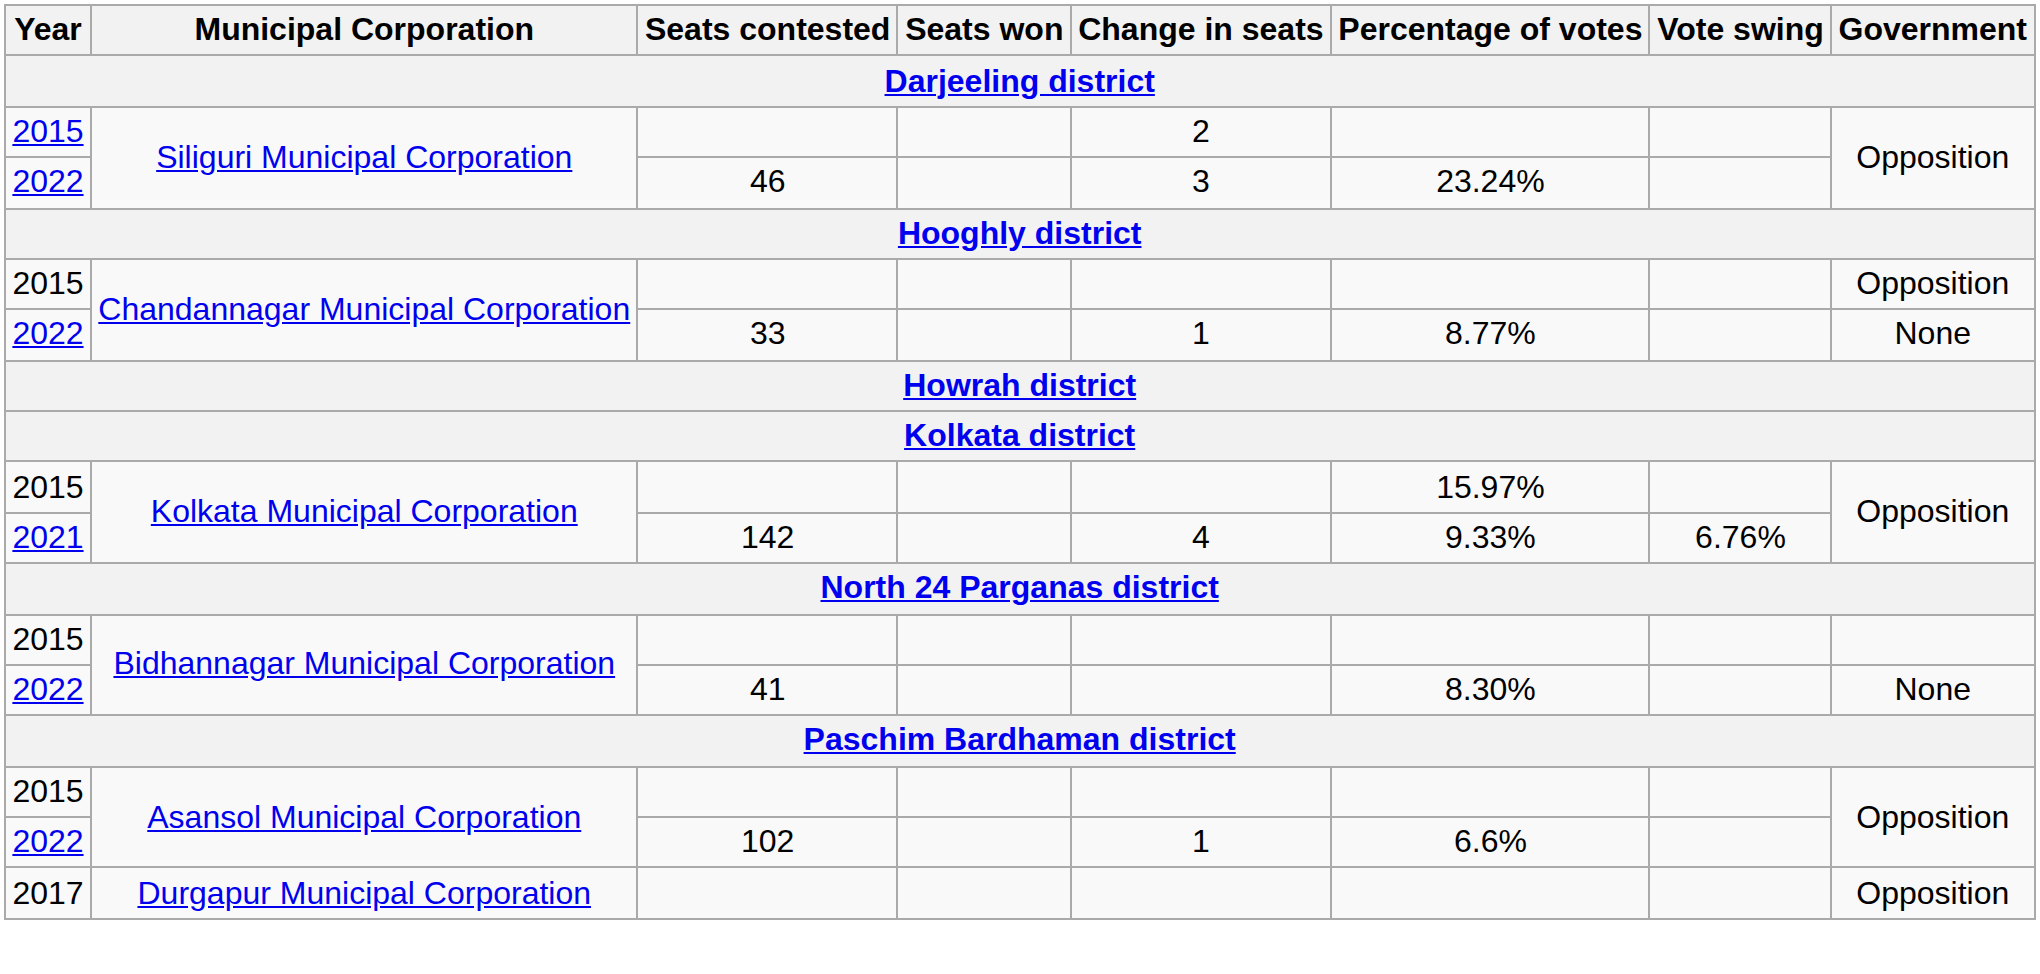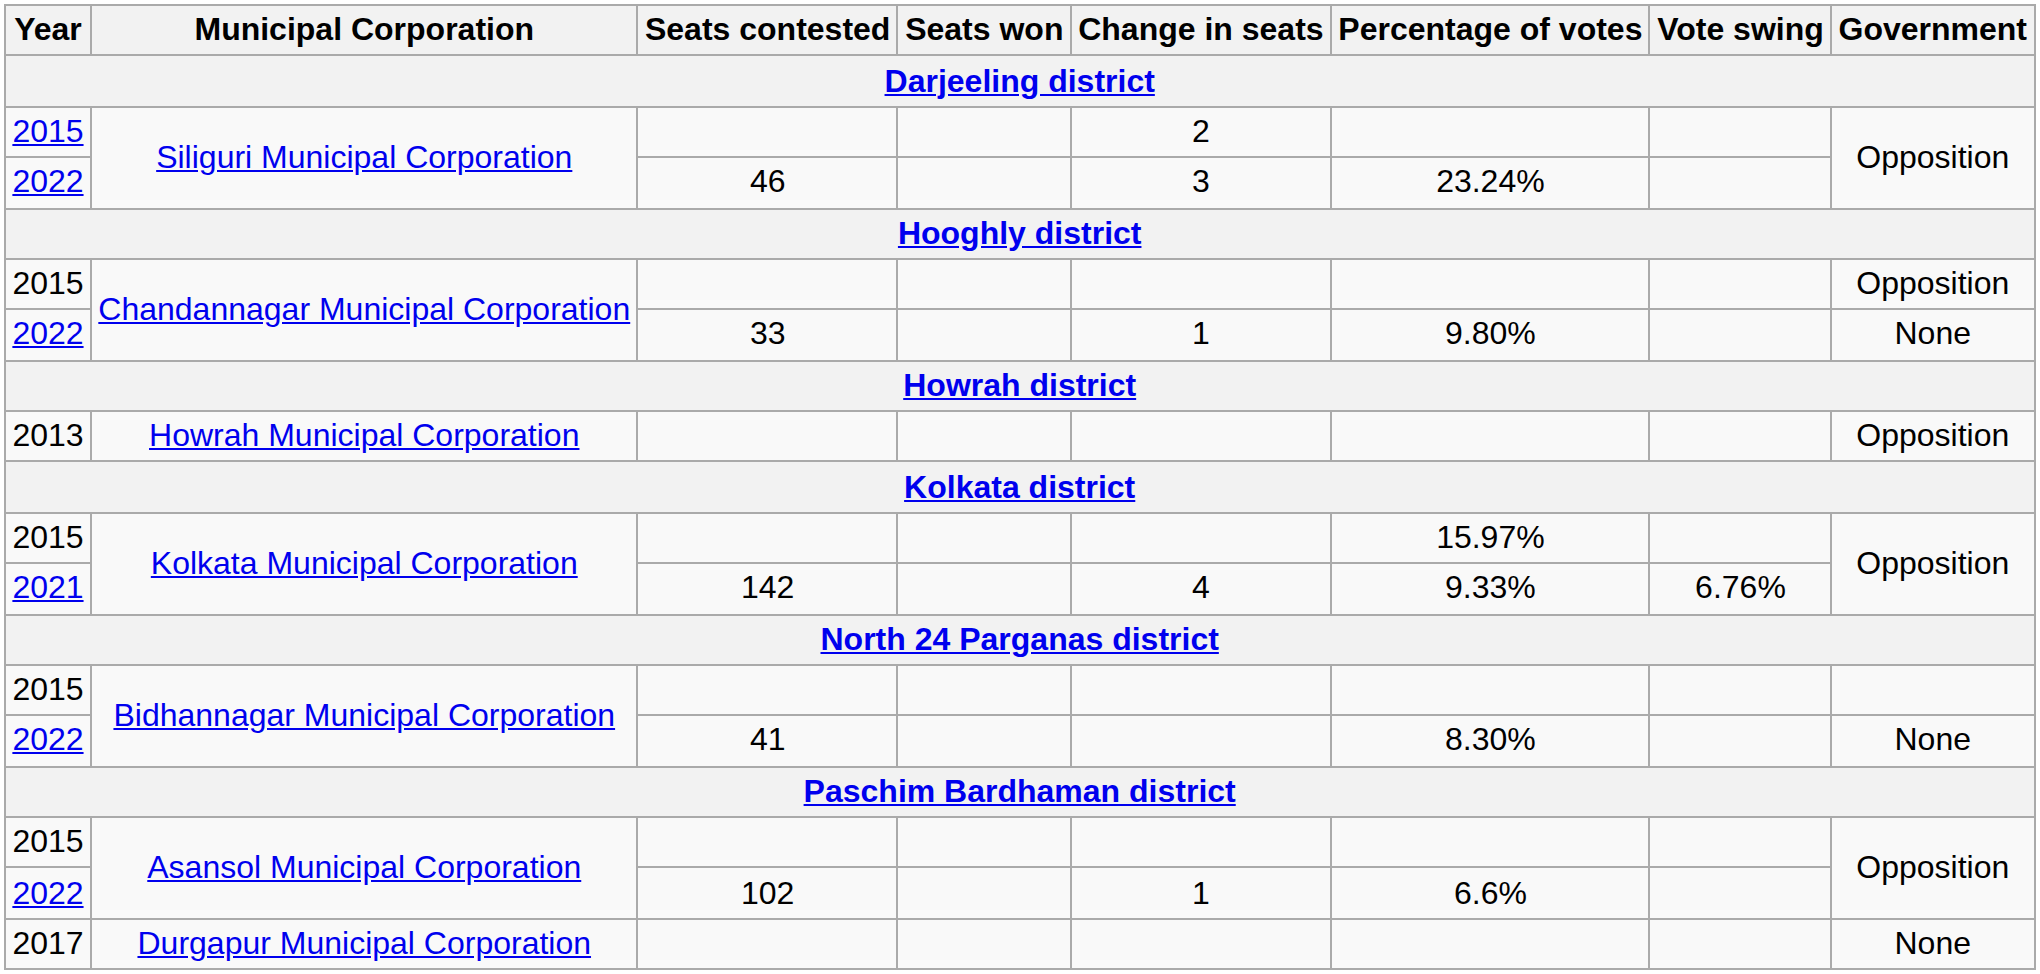 <table class="wikitable" style="text-align:center">
 <tr>
 <th Style="background-color:">Year</th>
 <th Style="background-color:">Municipal Corporation</th>
 <th Style="background-color:">Seats contested</th>
 <th Style="background-color:">Seats won</th>
 <th Style="background-color:">Change in seats</th>
 <th Style="background-color:">Percentage of votes</th>
 <th Style="background-color:">Vote swing</th>
 <th Style="background-color:">Government</th>
 </tr>
 <tr>
 <th colspan=8><a href='#'>Darjeeling district</a></th>
 </tr>
 <tr>
 <td><a href='#'>2015</a></td>
 <td rowspan=2><a href='#'>Siliguri Municipal Corporation</a></td>
 <td></td>
 <td></td>
 <td>2</td>
 <td></td>
 <td></td>
 <td rowspan=2>Opposition</td>
 </tr>
 <tr>
 <td><a href='#'>2022</a></td>
 <td>46</td>
 <td></td>
 <td>3</td>
 <td>23.24%</td>
 <td></td>
 </tr>
 <tr>
 <th colspan=8><a href='#'>Hooghly district</a></th>
 </tr>
 <tr>
 <td>2015</td>
 <td rowspan=2><a href='#'>Chandannagar Municipal Corporation</a></td>
 <td></td>
 <td></td>
 <td></td>
 <td></td>
 <td></td>
 <td>Opposition</td>
 </tr>
 <tr>
 <td><a href='#'>2022</a></td>
 <td>33</td>
 <td></td>
 <td>1</td>
-<td>8.77%</td>
+<td>9.80%</td>
 <td></td>
 <td>None</td>
 </tr>
 <tr>
 <th colspan=8><a href='#'>Howrah district</a></th>
+</tr>
+<tr>
+<td>2013</td>
+<td><a href='#'>Howrah Municipal Corporation</a></td>
+<td></td>
+<td></td>
+<td></td>
+<td></td>
+<td></td>
+<td>Opposition</td>
 </tr>
 <tr>
 <th colspan=8><a href='#'>Kolkata district</a></th>
 </tr>
 <tr>
 <td>2015</td>
 <td rowspan=2><a href='#'>Kolkata Municipal Corporation</a></td>
 <td></td>
 <td></td>
 <td></td>
 <td>15.97%</td>
 <td></td>
 <td rowspan=2>Opposition</td>
 </tr>
 <tr>
 <td><a href='#'>2021</a></td>
 <td>142</td>
 <td></td>
 <td>4</td>
 <td>9.33%</td>
 <td>6.76%</td>
 </tr>
 <tr>
 <th colspan=8><a href='#'>North 24 Parganas district</a></th>
 </tr>
 <tr>
 <td>2015</td>
 <td rowspan=2><a href='#'>Bidhannagar Municipal Corporation</a></td>
 <td></td>
 <td></td>
 <td></td>
 <td></td>
 <td></td>
 <td></td>
 </tr>
 <tr>
 <td><a href='#'>2022</a></td>
 <td>41</td>
 <td></td>
 <td></td>
 <td>8.30%</td>
 <td></td>
 <td>None</td>
 </tr>
 <tr>
 <th colspan=8><a href='#'>Paschim Bardhaman district</a></th>
 </tr>
 <tr>
 <td>2015</td>
 <td rowspan=2><a href='#'>Asansol Municipal Corporation</a></td>
 <td></td>
 <td></td>
 <td></td>
 <td></td>
 <td></td>
 <td rowspan=2>Opposition</td>
 </tr>
 <tr>
 <td><a href='#'>2022</a></td>
 <td>102</td>
 <td></td>
 <td>1</td>
 <td>6.6%</td>
 <td></td>
 </tr>
 <tr>
 <td>2017</td>
 <td rowspan=2><a href='#'>Durgapur Municipal Corporation</a></td>
 <td></td>
 <td></td>
 <td></td>
 <td></td>
 <td></td>
-<td>Opposition</td>
+<td>None</td>
 </tr>
 </table>
